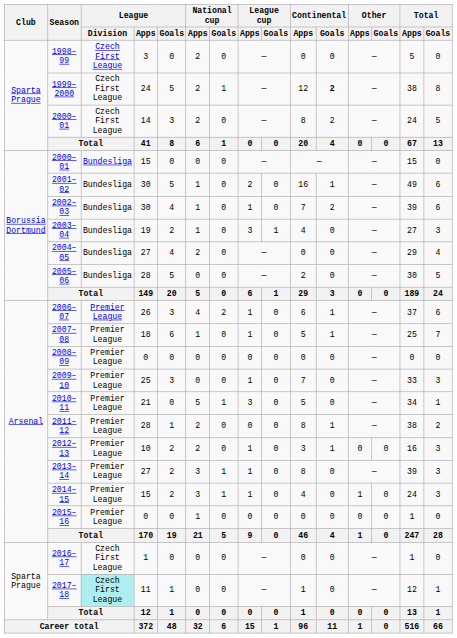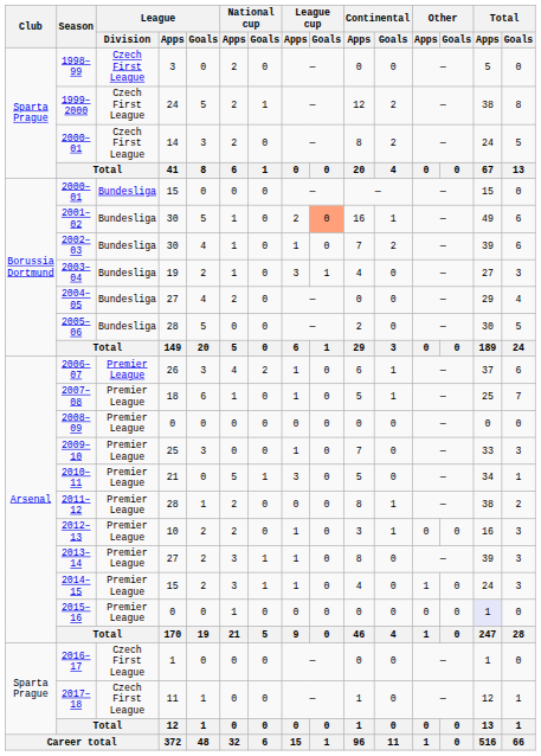 <table class="wikitable" style="text-align:center">
 <tr>
 <th rowspan="2">Club</th>
 <th rowspan="2">Season</th>
 <th colspan="3">League</th>
 <th colspan="2">National cup</th>
 <th colspan="2">League cup</th>
 <th colspan="2">Continental</th>
 <th colspan="2">Other</th>
 <th colspan="2">Total</th>
 </tr>
 <tr>
 <th>Division</th>
 <th>Apps</th>
 <th>Goals</th>
 <th>Apps</th>
 <th>Goals</th>
 <th>Apps</th>
 <th>Goals</th>
 <th>Apps</th>
 <th>Goals</th>
 <th>Apps</th>
 <th>Goals</th>
 <th>Apps</th>
 <th>Goals</th>
 </tr>
 <tr>
 <td rowspan="4"><a href='#'>Sparta Prague</a></td>
 <td><a href='#'>1998–99</a></td>
 <td><a href='#'>Czech First League</a></td>
 <td>3</td>
 <td>0</td>
 <td>2</td>
 <td>0</td>
 <td colspan="2">—</td>
 <td>0</td>
 <td>0</td>
 <td colspan="2">—</td>
 <td>5</td>
 <td>0</td>
 </tr>
 <tr>
 <td><a href='#'>1999–2000</a></td>
 <td>Czech First League</td>
 <td>24</td>
 <td>5</td>
 <td>2</td>
 <td>1</td>
 <td colspan="2">—</td>
 <td>12</td>
-<td><strong>2</strong></td>
+<td>2</td>
 <td colspan="2">—</td>
 <td>38</td>
 <td>8</td>
 </tr>
 <tr>
 <td><a href='#'>2000–01</a></td>
 <td>Czech First League</td>
 <td>14</td>
 <td>3</td>
 <td>2</td>
 <td>0</td>
 <td colspan="2">—</td>
 <td>8</td>
 <td>2</td>
 <td colspan="2">—</td>
 <td>24</td>
 <td>5</td>
 </tr>
 <tr>
 <th colspan="2">Total</th>
 <th>41</th>
 <th>8</th>
 <th>6</th>
 <th>1</th>
 <th>0</th>
 <th>0</th>
 <th>20</th>
 <th>4</th>
 <th>0</th>
 <th>0</th>
 <th>67</th>
 <th>13</th>
 </tr>
 <tr>
 <td rowspan="7"><a href='#'>Borussia Dortmund</a></td>
 <td><a href='#'>2000–01</a></td>
 <td><a href='#'>Bundesliga</a></td>
 <td>15</td>
 <td>0</td>
 <td>0</td>
 <td>0</td>
 <td colspan="2">—</td>
 <td colspan="2">—</td>
 <td colspan="2">—</td>
 <td>15</td>
 <td>0</td>
 </tr>
 <tr>
 <td><a href='#'>2001–02</a></td>
 <td>Bundesliga</td>
 <td>30</td>
 <td>5</td>
 <td>1</td>
 <td>0</td>
 <td>2</td>
-<td>0</td>
+<td style="background: lightsalmon;">0</td>
 <td>16</td>
 <td>1</td>
 <td colspan="2">—</td>
 <td>49</td>
 <td>6</td>
 </tr>
 <tr>
 <td><a href='#'>2002–03</a></td>
 <td>Bundesliga</td>
 <td>30</td>
 <td>4</td>
 <td>1</td>
 <td>0</td>
 <td>1</td>
 <td>0</td>
 <td>7</td>
 <td>2</td>
 <td colspan="2">—</td>
 <td>39</td>
 <td>6</td>
 </tr>
 <tr>
 <td><a href='#'>2003–04</a></td>
 <td>Bundesliga</td>
 <td>19</td>
 <td>2</td>
 <td>1</td>
 <td>0</td>
 <td>3</td>
 <td>1</td>
 <td>4</td>
 <td>0</td>
 <td colspan="2">—</td>
 <td>27</td>
 <td>3</td>
 </tr>
 <tr>
 <td><a href='#'>2004–05</a></td>
 <td>Bundesliga</td>
 <td>27</td>
 <td>4</td>
 <td>2</td>
 <td>0</td>
 <td colspan="2">—</td>
 <td>0</td>
 <td>0</td>
 <td colspan="2">—</td>
 <td>29</td>
 <td>4</td>
 </tr>
 <tr>
 <td><a href='#'>2005–06</a></td>
 <td>Bundesliga</td>
 <td>28</td>
 <td>5</td>
 <td>0</td>
 <td>0</td>
 <td colspan="2">—</td>
 <td>2</td>
 <td>0</td>
 <td colspan="2">—</td>
 <td>30</td>
 <td>5</td>
 </tr>
 <tr>
 <th colspan="2">Total</th>
 <th>149</th>
 <th>20</th>
 <th>5</th>
 <th>0</th>
 <th>6</th>
 <th>1</th>
 <th>29</th>
 <th>3</th>
 <th>0</th>
 <th>0</th>
 <th>189</th>
 <th>24</th>
 </tr>
 <tr>
 <td rowspan="11"><a href='#'>Arsenal</a></td>
 <td><a href='#'>2006–07</a></td>
 <td><a href='#'>Premier League</a></td>
 <td>26</td>
 <td>3</td>
 <td>4</td>
 <td>2</td>
 <td>1</td>
 <td>0</td>
 <td>6</td>
 <td>1</td>
 <td colspan="2">—</td>
 <td>37</td>
 <td>6</td>
 </tr>
 <tr>
 <td><a href='#'>2007–08</a></td>
 <td>Premier League</td>
 <td>18</td>
 <td>6</td>
 <td>1</td>
 <td>0</td>
 <td>1</td>
 <td>0</td>
 <td>5</td>
 <td>1</td>
 <td colspan="2">—</td>
 <td>25</td>
 <td>7</td>
 </tr>
 <tr>
 <td><a href='#'>2008–09</a></td>
 <td>Premier League</td>
 <td>0</td>
 <td>0</td>
 <td>0</td>
 <td>0</td>
 <td>0</td>
 <td>0</td>
 <td>0</td>
 <td>0</td>
 <td colspan="2">—</td>
 <td>0</td>
 <td>0</td>
 </tr>
 <tr>
 <td><a href='#'>2009–10</a></td>
 <td>Premier League</td>
 <td>25</td>
 <td>3</td>
 <td>0</td>
 <td>0</td>
 <td>1</td>
 <td>0</td>
 <td>7</td>
 <td>0</td>
 <td colspan="2">—</td>
 <td>33</td>
 <td>3</td>
 </tr>
 <tr>
 <td><a href='#'>2010–11</a></td>
 <td>Premier League</td>
 <td>21</td>
 <td>0</td>
 <td>5</td>
 <td>1</td>
 <td>3</td>
 <td>0</td>
 <td>5</td>
 <td>0</td>
 <td colspan="2">—</td>
 <td>34</td>
 <td>1</td>
 </tr>
 <tr>
 <td><a href='#'>2011–12</a></td>
 <td>Premier League</td>
 <td>28</td>
 <td>1</td>
 <td>2</td>
 <td>0</td>
 <td>0</td>
 <td>0</td>
 <td>8</td>
 <td>1</td>
 <td colspan="2">—</td>
 <td>38</td>
 <td>2</td>
 </tr>
 <tr>
 <td><a href='#'>2012–13</a></td>
 <td>Premier League</td>
 <td>10</td>
 <td>2</td>
 <td>2</td>
 <td>0</td>
 <td>1</td>
 <td>0</td>
 <td>3</td>
 <td>1</td>
 <td>0</td>
 <td>0</td>
 <td>16</td>
 <td>3</td>
 </tr>
 <tr>
 <td><a href='#'>2013–14</a></td>
 <td>Premier League</td>
 <td>27</td>
 <td>2</td>
 <td>3</td>
 <td>1</td>
 <td>1</td>
 <td>0</td>
 <td>8</td>
 <td>0</td>
 <td colspan="2">—</td>
 <td>39</td>
 <td>3</td>
 </tr>
 <tr>
 <td><a href='#'>2014–15</a></td>
 <td>Premier League</td>
 <td>15</td>
 <td>2</td>
 <td>3</td>
 <td>1</td>
 <td>1</td>
 <td>0</td>
 <td>4</td>
 <td>0</td>
 <td>1</td>
 <td>0</td>
 <td>24</td>
 <td>3</td>
 </tr>
 <tr>
 <td><a href='#'>2015–16</a></td>
 <td>Premier League</td>
 <td>0</td>
 <td>0</td>
 <td>1</td>
 <td>0</td>
 <td>0</td>
 <td>0</td>
 <td>0</td>
 <td>0</td>
 <td>0</td>
 <td>0</td>
-<td>1</td>
+<td style="background: lavender;">1</td>
 <td>0</td>
 </tr>
 <tr>
 <th colspan="2">Total</th>
 <th>170</th>
 <th>19</th>
 <th>21</th>
 <th>5</th>
 <th>9</th>
 <th>0</th>
 <th>46</th>
 <th>4</th>
 <th>1</th>
 <th>0</th>
 <th>247</th>
 <th>28</th>
 </tr>
 <tr>
 <td rowspan="3">Sparta Prague</td>
 <td><a href='#'>2016–17</a></td>
 <td>Czech First League</td>
 <td>1</td>
 <td>0</td>
 <td>0</td>
 <td>0</td>
 <td colspan="2">—</td>
 <td>0</td>
 <td>0</td>
 <td colspan="2">—</td>
 <td>1</td>
 <td>0</td>
 </tr>
 <tr>
 <td><a href='#'>2017–18</a></td>
-<td style="background: paleturquoise;">Czech First League</td>
+<td>Czech First League</td>
 <td>11</td>
 <td>1</td>
 <td>0</td>
 <td>0</td>
 <td colspan="2">—</td>
 <td>1</td>
 <td>0</td>
 <td colspan="2">—</td>
 <td>12</td>
 <td>1</td>
 </tr>
 <tr>
 <th colspan="2">Total</th>
 <th>12</th>
 <th>1</th>
 <th>0</th>
 <th>0</th>
 <th>0</th>
 <th>0</th>
 <th>1</th>
 <th>0</th>
 <th>0</th>
 <th>0</th>
 <th>13</th>
 <th>1</th>
 </tr>
 <tr>
 <th colspan="3">Career total</th>
 <th>372</th>
 <th>48</th>
 <th>32</th>
 <th>6</th>
 <th>15</th>
 <th>1</th>
 <th>96</th>
 <th>11</th>
 <th>1</th>
 <th>0</th>
 <th>516</th>
 <th>66</th>
 </tr>
 </table>
